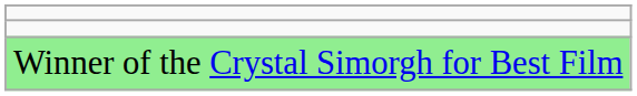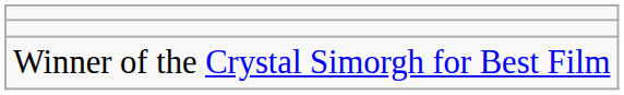 <table class="wikitable">
 <tr>
 <td height:20px; width:20px></td>
 </tr>
 <tr>
 <td height:20px; width:20px></td>
 </tr>
 <tr>
-<td height:20px; width:20px style="background: lightgreen;"> Winner of the <a href='#'>Crystal Simorgh for Best Film</a></td>
+<td height:20px; width:20px> Winner of the <a href='#'>Crystal Simorgh for Best Film</a></td>
 </tr>
 </table>
